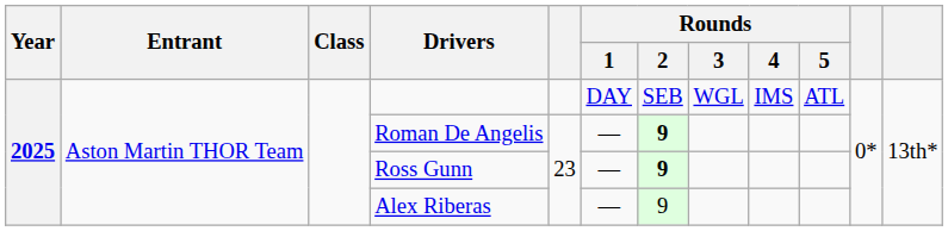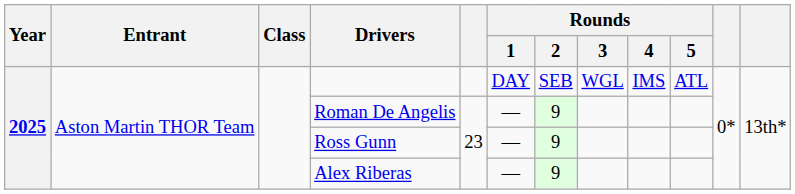 <table class="wikitable" style="text-align:center; font-size:90%">
 <tr>
 <th rowspan="2">Year</th>
 <th rowspan="2">Entrant</th>
 <th rowspan="2">Class</th>
 <th rowspan="2">Drivers</th>
 <th rowspan="2"></th>
 <th colspan="5">Rounds</th>
 <th rowspan="2" scope="col"></th>
 <th rowspan="2" scope="col"></th>
 </tr>
 <tr>
 <th scope="col">1</th>
 <th scope="col">2</th>
 <th scope="col">3</th>
 <th scope="col">4</th>
 <th scope="col">5</th>
 </tr>
 <tr>
 <th rowspan="4"><a href='#'>2025</a></th>
 <td rowspan="4" align="left" style="border-left:0px"><a href='#'>Aston Martin THOR Team</a></td>
 <td rowspan="4"></td>
 <td></td>
 <td></td>
 <td><a href='#'>DAY</a></td>
 <td><a href='#'>SEB</a></td>
 <td><a href='#'>WGL</a></td>
 <td><a href='#'>IMS</a></td>
 <td><a href='#'>ATL</a></td>
 <td rowspan="4">0*</td>
 <td rowspan="4">13th*</td>
 </tr>
 <tr>
 <td align="left "> <a href='#'>Roman De Angelis</a></td>
 <td rowspan="3">23</td>
 <td>—</td>
-<td style="background:#DFFFDF;”"><strong>9</strong></td>
+<td style="background:#DFFFDF;”">9</td>
 <td></td>
 <td></td>
 <td></td>
 </tr>
 <tr>
 <td align="left "> <a href='#'>Ross Gunn</a></td>
 <td>—</td>
-<td style="background:#DFFFDF;”"><strong>9</strong></td>
+<td style="background:#DFFFDF;”">9</td>
 <td></td>
 <td></td>
 <td></td>
 </tr>
 <tr>
 <td align="left "> <a href='#'>Alex Riberas</a></td>
 <td>—</td>
 <td style="background:#DFFFDF;”">9</td>
 <td></td>
 <td></td>
 <td></td>
 </tr>
 </table>
